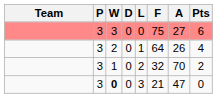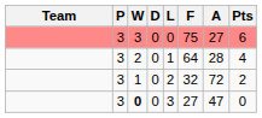 <table class="wikitable" style="text-align:center;">
 <tr>
 <th width="120px">Team</th>
 <th>P</th>
 <th>W</th>
 <th>D</th>
 <th>L</th>
 <th width="23px">F</th>
 <th width="23px">A</th>
 <th width="23px">Pts</th>
 </tr>
 <tr bgcolor="#FF8888">
 <td></td>
 <td>3</td>
 <td>3</td>
 <td>0</td>
 <td>0</td>
 <td>75</td>
 <td>27</td>
 <td>6</td>
 </tr>
 <tr>
 <td></td>
 <td>3</td>
 <td>2</td>
 <td>0</td>
 <td>1</td>
 <td>64</td>
-<td>26</td>
+<td>28</td>
 <td>4</td>
 </tr>
 <tr>
 <td></td>
 <td>3</td>
 <td>1</td>
 <td>0</td>
 <td>2</td>
 <td>32</td>
-<td>70</td>
+<td>72</td>
 <td>2</td>
 </tr>
 <tr>
 <td></td>
 <td>3</td>
 <td><strong>0</strong></td>
 <td>0</td>
 <td>3</td>
-<td>21</td>
+<td>27</td>
 <td>47</td>
 <td>0</td>
 </tr>
 </table>
